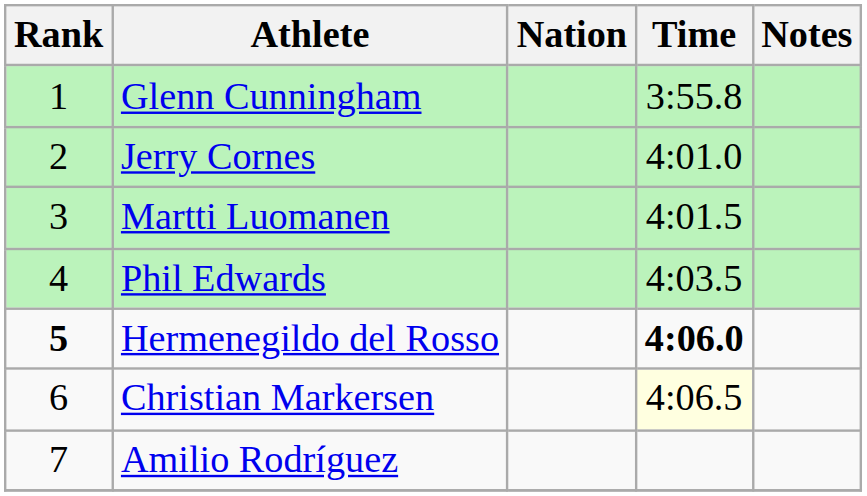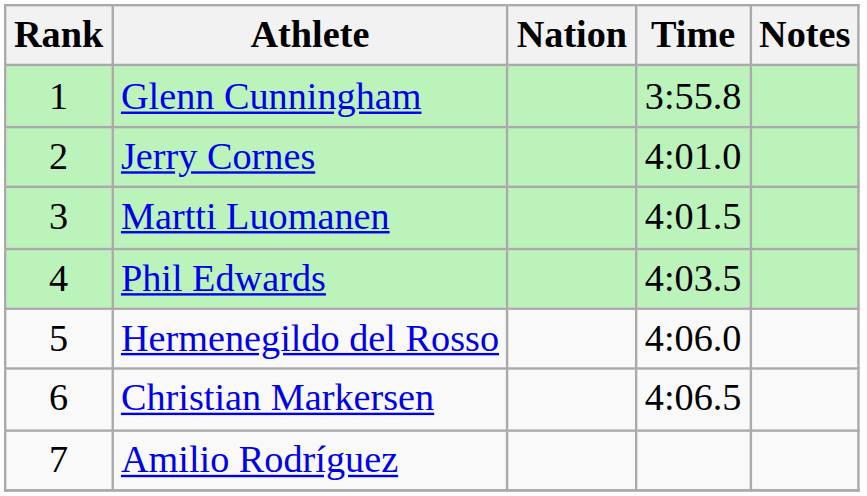 <table class="wikitable sortable" style="text-align:center">
 <tr>
 <th>Rank</th>
 <th>Athlete</th>
 <th>Nation</th>
 <th>Time</th>
 <th>Notes</th>
 </tr>
 <tr bgcolor=bbf3bb>
 <td>1</td>
 <td align=left><a href='#'>Glenn Cunningham</a></td>
 <td align=left></td>
 <td>3:55.8</td>
 <td></td>
 </tr>
 <tr bgcolor=bbf3bb>
 <td>2</td>
 <td align=left><a href='#'>Jerry Cornes</a></td>
 <td align=left></td>
 <td>4:01.0</td>
 <td></td>
 </tr>
 <tr bgcolor=bbf3bb>
 <td>3</td>
 <td align=left><a href='#'>Martti Luomanen</a></td>
 <td align=left></td>
 <td>4:01.5</td>
 <td></td>
 </tr>
 <tr bgcolor=bbf3bb>
 <td>4</td>
 <td align=left><a href='#'>Phil Edwards</a></td>
 <td align=left></td>
 <td>4:03.5</td>
 <td></td>
 </tr>
 <tr>
-<td><strong>5</strong></td>
+<td>5</td>
 <td align=left><a href='#'>Hermenegildo del Rosso</a></td>
 <td align=left></td>
-<td><strong>4:06.0</strong></td>
+<td>4:06.0</td>
 <td></td>
 </tr>
 <tr>
 <td>6</td>
 <td align=left><a href='#'>Christian Markersen</a></td>
 <td align=left></td>
-<td style="background: lightyellow;">4:06.5</td>
+<td>4:06.5</td>
 <td></td>
 </tr>
 <tr>
 <td>7</td>
 <td align=left><a href='#'>Amilio Rodríguez</a></td>
 <td align=left></td>
 <td></td>
 <td></td>
 </tr>
 <tr>
 </tr>
 </table>
